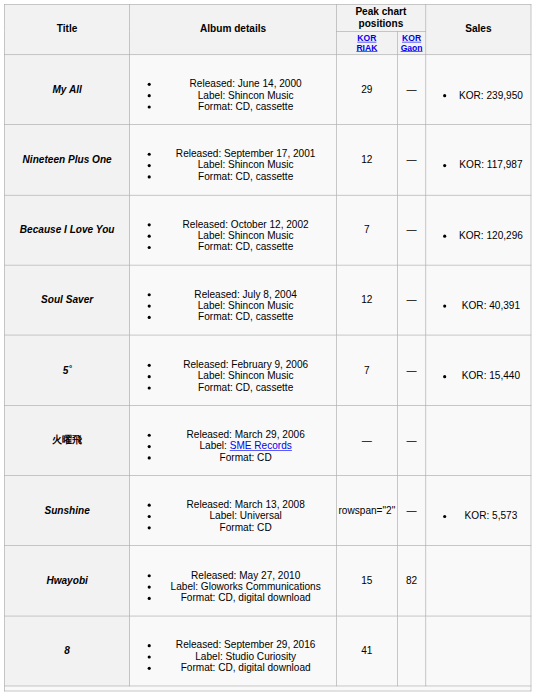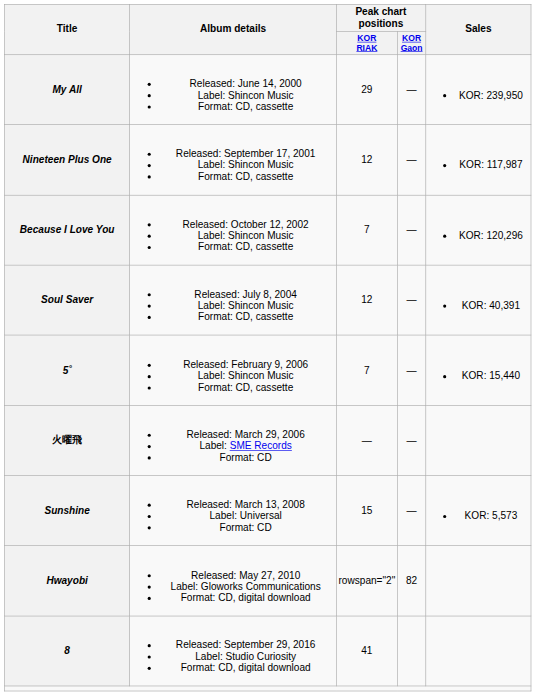 <table class="wikitable plainrowheaders" style="text-align:center;">
 <tr>
 <th rowspan="2" scope="col" style="width:12em;">Title</th>
 <th rowspan="2" scope="col" style="width:20em;">Album details</th>
 <th colspan="2" scope="col">Peak chart positions</th>
 <th rowspan="2" scope="col" style="width:10em;">Sales</th>
 </tr>
 <tr>
 <th scope="col" style="width:2.8em;font-size:85%;"><a href='#'>KOR<br>RIAK</a><br></th>
 <th scope="col" style="width:2.8em;font-size:85%;"><a href='#'>KOR<br>Gaon</a><br></th>
 </tr>
 <tr>
 <th scope="row"><em>My All</em></th>
 <td><br><ul><li>Released: June 14, 2000 </li><li>Label: Shincon Music</li><li>Format: CD, cassette</li></ul></td>
 <td>29</td>
 <td>—</td>
 <td><br><ul><li>KOR: 239,950</li></ul></td>
 </tr>
 <tr>
 <th scope="row"><em>Nineteen Plus One</em></th>
 <td><br><ul><li>Released: September 17, 2001 </li><li>Label: Shincon Music</li><li>Format: CD, cassette</li></ul></td>
 <td>12</td>
 <td>—</td>
 <td><br><ul><li>KOR: 117,987</li></ul></td>
 </tr>
 <tr>
 <th scope="row"><em>Because I Love You</em></th>
 <td><br><ul><li>Released: October 12, 2002 </li><li>Label: Shincon Music</li><li>Format: CD, cassette</li></ul></td>
 <td>7</td>
 <td>—</td>
 <td><br><ul><li>KOR: 120,296</li></ul></td>
 </tr>
 <tr>
 <th scope="row"><em>Soul Saver</em></th>
 <td><br><ul><li>Released: July 8, 2004 </li><li>Label: Shincon Music</li><li>Format: CD, cassette</li></ul></td>
 <td>12</td>
 <td>—</td>
 <td><br><ul><li>KOR: 40,391</li></ul></td>
 </tr>
 <tr>
 <th scope="row"><em>5˚</em></th>
 <td><br><ul><li>Released: February 9, 2006 </li><li>Label: Shincon Music</li><li>Format: CD, cassette</li></ul></td>
 <td>7</td>
 <td>—</td>
 <td><br><ul><li>KOR: 15,440</li></ul></td>
 </tr>
 <tr>
 <th scope="row">火曜飛</th>
 <td><br><ul><li>Released: March 29, 2006 </li><li>Label: <a href='#'>SME Records</a></li><li>Format: CD</li></ul></td>
 <td>—</td>
 <td>—</td>
 <td></td>
 </tr>
 <tr>
 <th scope="row"><em>Sunshine</em></th>
 <td><br><ul><li>Released: March 13, 2008 </li><li>Label: Universal</li><li>Format: CD</li></ul></td>
-<td>rowspan="2" </td>
+<td>15</td>
 <td>—</td>
 <td><br><ul><li>KOR: 5,573</li></ul></td>
 </tr>
 <tr>
 <th scope="row"><em>Hwayobi</em></th>
 <td><br><ul><li>Released: May 27, 2010 </li><li>Label: Gloworks Communications</li><li>Format: CD, digital download</li></ul></td>
-<td>15</td>
+<td>rowspan="2" </td>
 <td>82</td>
 <td></td>
 </tr>
 <tr>
 <th scope="row"><em>8</em></th>
 <td><br><ul><li>Released: September 29, 2016 </li><li>Label: Studio Curiosity</li><li>Format: CD, digital download</li></ul></td>
 <td>41</td>
 <td></td>
 </tr>
 <tr>
 <td colspan="5"></td>
 </tr>
 </table>
